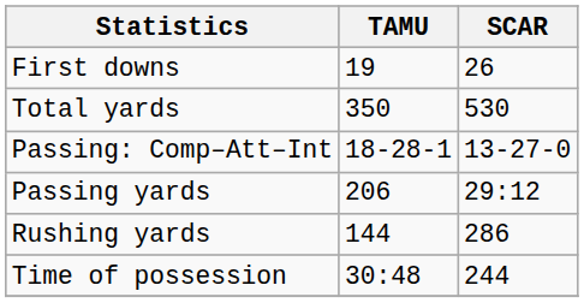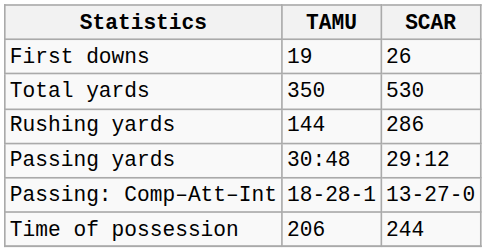 <table class="wikitable" style="float: left;">
 <tr>
 <th>Statistics</th>
 <th>TAMU</th>
 <th>SCAR</th>
 </tr>
 <tr>
 <td>First downs</td>
 <td>19</td>
 <td>26</td>
 </tr>
 <tr>
 <td>Total yards</td>
 <td>350</td>
 <td>530</td>
 </tr>
 <tr>
+<td>Rushing yards</td>
+<td>144</td>
+<td>286</td>
+</tr>
+<tr>
+<td>Passing yards</td>
+<td>30:48</td>
+<td>29:12</td>
+</tr>
+<tr>
 <td>Passing: Comp–Att–Int</td>
 <td>18-28-1</td>
 <td>13-27-0</td>
 </tr>
 <tr>
-<td>Passing yards</td>
+<td>Time of possession</td>
 <td>206</td>
-<td>29:12</td>
-</tr>
-<tr>
-<td>Rushing yards</td>
-<td>144</td>
-<td>286</td>
-</tr>
-<tr>
-<td>Time of possession</td>
-<td>30:48</td>
 <td>244</td>
 </tr>
 <tr>
 </tr>
 </table>
